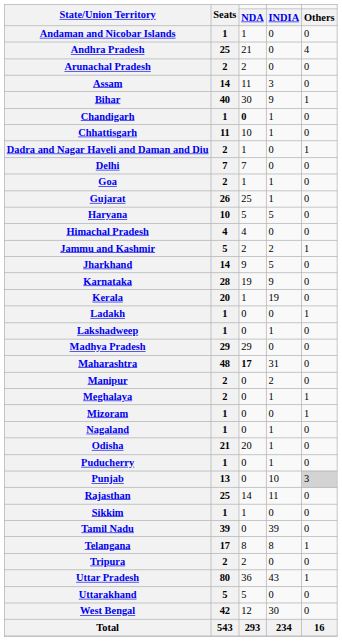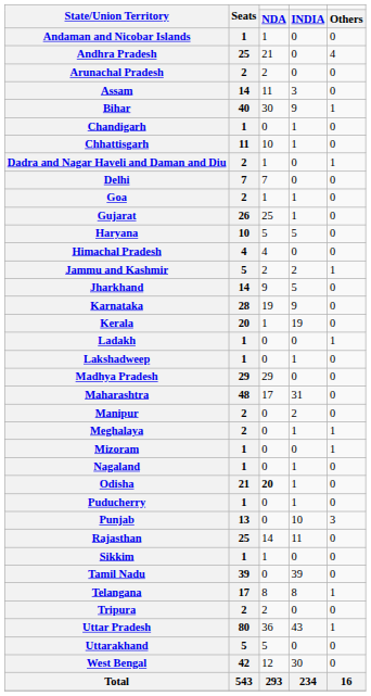 <table class="wikitable defaultcenter col1left" style="font-size: 100%">
 <tr>
 <th rowspan="2"><a href='#'>State/Union Territory</a></th>
 <th rowspan="2">Seats</th>
 <td></td>
 <td></td>
 <td></td>
 </tr>
 <tr>
 <th><a href='#'>NDA</a></th>
 <th><a href='#'>INDIA</a></th>
 <th>Others</th>
 </tr>
 <tr>
 <th><a href='#'>Andaman and Nicobar Islands</a></th>
 <th>1</th>
 <td style="background:">1</td>
 <td>0</td>
 <td>0</td>
 </tr>
 <tr>
 <th><a href='#'>Andhra Pradesh</a></th>
 <th>25</th>
 <td style="background:">21</td>
 <td>0</td>
 <td>4</td>
 </tr>
 <tr>
 <th><a href='#'>Arunachal Pradesh</a></th>
 <th>2</th>
 <td style="background:">2</td>
 <td>0</td>
 <td>0</td>
 </tr>
 <tr>
 <th><a href='#'>Assam</a></th>
 <th>14</th>
 <td style="background:">11</td>
 <td>3</td>
 <td>0</td>
 </tr>
 <tr>
 <th><a href='#'>Bihar</a></th>
 <th>40</th>
 <td style="background:">30</td>
 <td>9</td>
 <td>1</td>
 </tr>
 <tr>
 <th><a href='#'>Chandigarh</a></th>
 <th>1</th>
-<td><strong>0</strong></td>
+<td>0</td>
 <td style="background:">1</td>
 <td>0</td>
 </tr>
 <tr>
 <th><a href='#'>Chhattisgarh</a></th>
 <th>11</th>
 <td style="background:">10</td>
 <td>1</td>
 <td>0</td>
 </tr>
 <tr>
 <th><a href='#'>Dadra and Nagar Haveli and Daman and Diu</a></th>
 <th>2</th>
 <td>1</td>
 <td>0</td>
 <td>1</td>
 </tr>
 <tr>
 <th><a href='#'>Delhi</a></th>
 <th>7</th>
 <td style="background:">7</td>
 <td>0</td>
 <td>0</td>
 </tr>
 <tr>
 <th><a href='#'>Goa</a></th>
 <th>2</th>
 <td>1</td>
 <td>1</td>
 <td>0</td>
 </tr>
 <tr>
 <th><a href='#'>Gujarat</a></th>
 <th>26</th>
 <td style="background:">25</td>
 <td>1</td>
 <td>0</td>
 </tr>
 <tr>
 <th><a href='#'>Haryana</a></th>
 <th>10</th>
 <td>5</td>
 <td>5</td>
 <td>0</td>
 </tr>
 <tr>
 <th><a href='#'>Himachal Pradesh</a></th>
 <th>4</th>
 <td style="background:">4</td>
 <td>0</td>
 <td>0</td>
 </tr>
 <tr>
 <th><a href='#'>Jammu and Kashmir</a></th>
 <th>5</th>
 <td>2</td>
 <td>2</td>
 <td>1</td>
 </tr>
 <tr>
 <th><a href='#'>Jharkhand</a></th>
 <th>14</th>
 <td style="background:">9</td>
 <td>5</td>
 <td>0</td>
 </tr>
 <tr>
 <th><a href='#'>Karnataka</a></th>
 <th>28</th>
 <td style="background:">19</td>
 <td>9</td>
 <td>0</td>
 </tr>
 <tr>
 <th><a href='#'>Kerala</a></th>
 <th>20</th>
 <td>1</td>
 <td style="background:">19</td>
 <td>0</td>
 </tr>
 <tr>
 <th><a href='#'>Ladakh</a></th>
 <th>1</th>
 <td>0</td>
 <td>0</td>
 <td style="background:">1</td>
 </tr>
 <tr>
 <th><a href='#'>Lakshadweep</a></th>
 <th>1</th>
 <td>0</td>
 <td style="background:">1</td>
 <td>0</td>
 </tr>
 <tr>
 <th><a href='#'>Madhya Pradesh</a></th>
 <th>29</th>
 <td style="background:">29</td>
 <td>0</td>
 <td>0</td>
 </tr>
 <tr>
 <th><a href='#'>Maharashtra</a></th>
 <th>48</th>
-<td><strong>17</strong></td>
+<td>17</td>
 <td style="background:">31</td>
 <td>0</td>
 </tr>
 <tr>
 <th><a href='#'>Manipur</a></th>
 <th>2</th>
 <td>0</td>
 <td style="background:">2</td>
 <td>0</td>
 </tr>
 <tr>
 <th><a href='#'>Meghalaya</a></th>
 <th>2</th>
 <td>0</td>
 <td>1</td>
 <td>1</td>
 </tr>
 <tr>
 <th><a href='#'>Mizoram</a></th>
 <th>1</th>
 <td>0</td>
 <td>0</td>
 <td style="background:">1</td>
 </tr>
 <tr>
 <th><a href='#'>Nagaland</a></th>
 <th>1</th>
 <td>0</td>
 <td style="background:">1</td>
 <td>0</td>
 </tr>
 <tr>
 <th><a href='#'>Odisha</a></th>
 <th>21</th>
-<td style="background:">20</td>
+<td style="background:"><strong>20</strong></td>
 <td>1</td>
 <td>0</td>
 </tr>
 <tr>
 <th><a href='#'>Puducherry</a></th>
 <th>1</th>
 <td>0</td>
 <td style="background:">1</td>
 <td>0</td>
 </tr>
 <tr>
 <th><a href='#'>Punjab</a></th>
 <th>13</th>
 <td>0</td>
 <td style="background:">10</td>
-<td style="background: lightgrey;">3</td>
+<td>3</td>
 </tr>
 <tr>
 <th><a href='#'>Rajasthan</a></th>
 <th>25</th>
 <td style="background:">14</td>
 <td>11</td>
 <td>0</td>
 </tr>
 <tr>
 <th><a href='#'>Sikkim</a></th>
 <th>1</th>
 <td style="background:">1</td>
 <td>0</td>
 <td>0</td>
 </tr>
 <tr>
 <th><a href='#'>Tamil Nadu</a></th>
 <th>39</th>
 <td>0</td>
 <td style="background:">39</td>
 <td>0</td>
 </tr>
 <tr>
 <th><a href='#'>Telangana</a></th>
 <th>17</th>
 <td>8</td>
 <td>8</td>
 <td>1</td>
 </tr>
 <tr>
 <th><a href='#'>Tripura</a></th>
 <th>2</th>
 <td style="background:">2</td>
 <td>0</td>
 <td>0</td>
 </tr>
 <tr>
 <th><a href='#'>Uttar Pradesh</a></th>
 <th>80</th>
 <td>36</td>
 <td style="background:">43</td>
 <td>1</td>
 </tr>
 <tr>
 <th><a href='#'>Uttarakhand</a></th>
 <th>5</th>
 <td style="background:">5</td>
 <td>0</td>
 <td>0</td>
 </tr>
 <tr>
 <th><a href='#'>West Bengal</a></th>
 <th>42</th>
 <td>12</td>
 <td style="background:">30</td>
 <td>0</td>
 </tr>
 <tr>
 <th>Total</th>
 <th>543</th>
 <th>293</th>
 <th>234</th>
 <th>16</th>
 </tr>
 <tr>
 </tr>
 </table>
